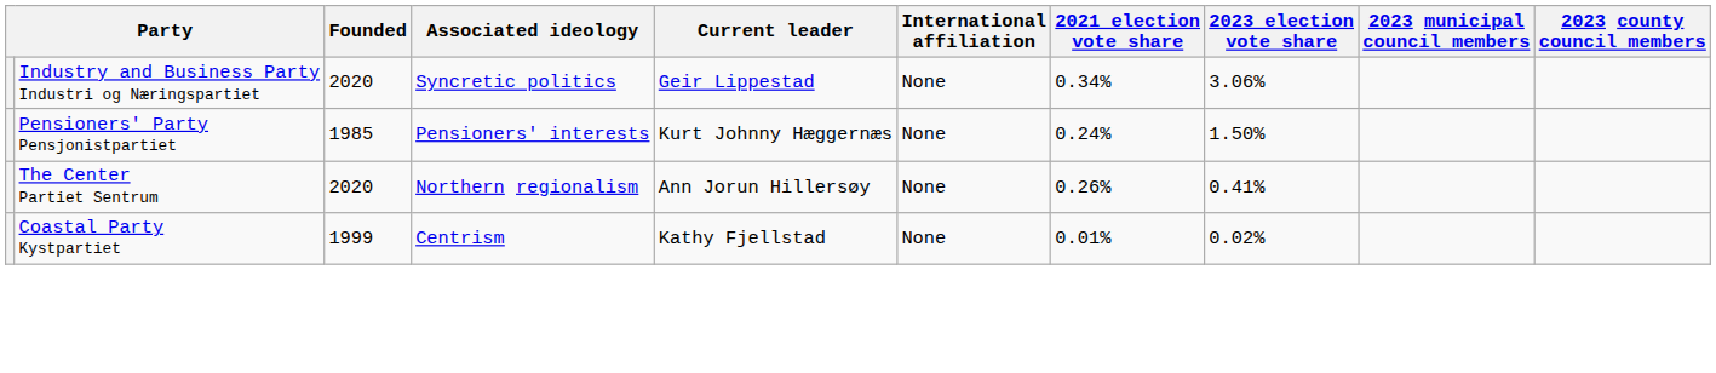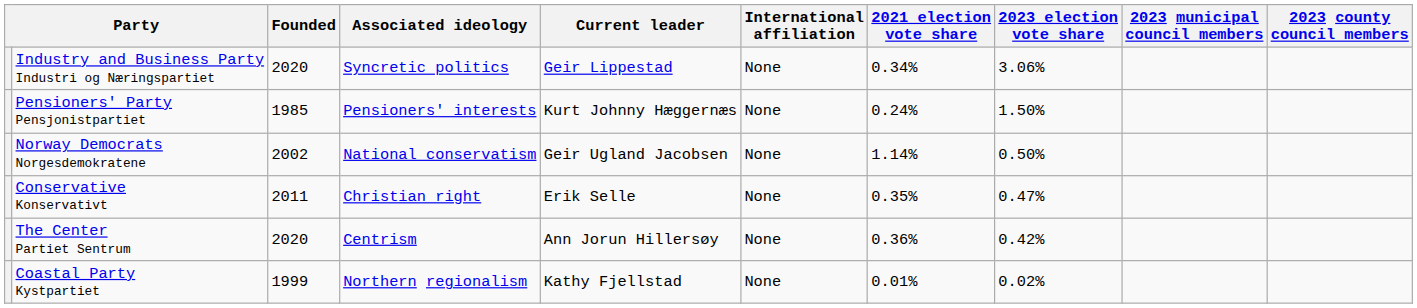 <table class="wikitable sortable">
 <tr>
 <th colspan="2">Party</th>
 <th>Founded</th>
 <th>Associated ideology</th>
 <th>Current leader</th>
 <th>International<br>affiliation</th>
 <th><a href='#'>2021 election<br>vote share</a></th>
 <th><a href='#'>2023 election<br>vote share</a></th>
 <th><a href='#'>2023</a> <a href='#'>municipal<br>council members</a></th>
 <th><a href='#'>2023</a> <a href='#'>county<br>council members</a></th>
 </tr>
 <tr>
 <th style="background-color: "></th>
 <td><a href='#'>Industry and Business Party</a><br><small>Industri og Næringspartiet</small></td>
 <td>2020</td>
 <td><a href='#'>Syncretic politics</a></td>
 <td><a href='#'>Geir Lippestad</a></td>
 <td>None</td>
 <td>0.34%</td>
 <td>3.06%</td>
 <td></td>
 <td></td>
 </tr>
 <tr>
 <th style="background-color: "></th>
 <td><a href='#'>Pensioners' Party</a><br><small>Pensjonistpartiet</small></td>
 <td>1985</td>
 <td><a href='#'>Pensioners' interests</a></td>
 <td>Kurt Johnny Hæggernæs</td>
 <td>None</td>
 <td>0.24%</td>
 <td>1.50%</td>
 <td></td>
 <td></td>
 </tr>
 <tr>
 <th style="background-color: "></th>
+<td><a href='#'>Norway Democrats</a><br><small>Norgesdemokratene</small></td>
+<td>2002</td>
+<td><a href='#'>National conservatism</a></td>
+<td>Geir Ugland Jacobsen</td>
+<td>None</td>
+<td>1.14%</td>
+<td>0.50%</td>
+<td></td>
+<td></td>
+</tr>
+<tr>
+<th style="background-color: "></th>
+<td><a href='#'>Conservative</a><br><small>Konservativt</small></td>
+<td>2011</td>
+<td><a href='#'>Christian right</a></td>
+<td>Erik Selle</td>
+<td>None</td>
+<td>0.35%</td>
+<td>0.47%</td>
+<td></td>
+<td></td>
+</tr>
+<tr>
+<th style="background-color: "></th>
 <td><a href='#'>The Center</a><br><small>Partiet Sentrum</small></td>
 <td>2020</td>
-<td><a href='#'>Northern</a> <a href='#'>regionalism</a></td>
+<td><a href='#'>Centrism</a></td>
 <td>Ann Jorun Hillersøy</td>
 <td>None</td>
-<td>0.26%</td>
-<td>0.41%</td>
+<td>0.36%</td>
+<td>0.42%</td>
 <td></td>
 <td></td>
 </tr>
 <tr>
 <th style="background-color: "></th>
 <td><a href='#'>Coastal Party</a><br><small>Kystpartiet</small></td>
 <td>1999</td>
-<td><a href='#'>Centrism</a></td>
+<td><a href='#'>Northern</a> <a href='#'>regionalism</a></td>
 <td>Kathy Fjellstad</td>
 <td>None</td>
 <td>0.01%</td>
 <td>0.02%</td>
 <td></td>
 <td></td>
 </tr>
 </table>
